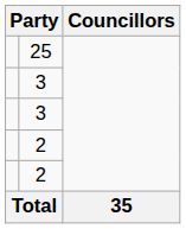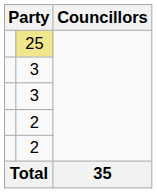 <table class="wikitable">
 <tr>
 <th colspan=2>Party</th>
 <th>Councillors</th>
 </tr>
 <tr>
 <td></td>
-<td align=center>25</td>
+<td align=center style="background: khaki;">25</td>
 </tr>
 <tr>
 <td></td>
 <td align=center>3</td>
 </tr>
 <tr>
 <td></td>
 <td align=center>3</td>
 </tr>
 <tr>
 <td></td>
 <td align=center>2</td>
 </tr>
 <tr>
 <td></td>
 <td align=center>2</td>
 </tr>
 <tr>
 <th colspan=2>Total</th>
 <th align=center>35</th>
 </tr>
 </table>
